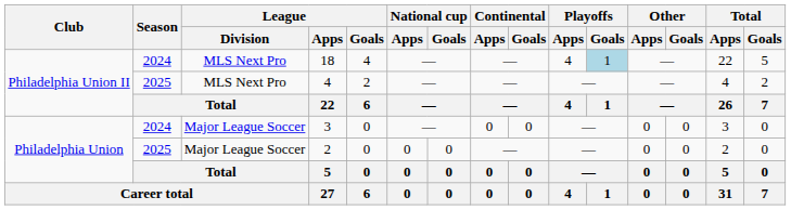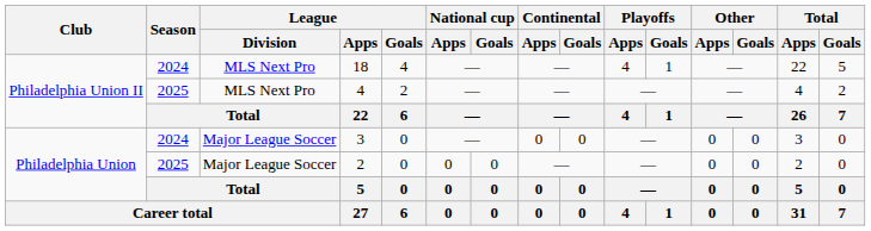 <table class="wikitable" style="text-align: center">
 <tr>
 <th rowspan="2">Club</th>
 <th rowspan="2">Season</th>
 <th colspan="3">League</th>
 <th colspan="2">National cup</th>
 <th colspan="2">Continental</th>
 <th colspan="2">Playoffs</th>
 <th colspan="2">Other</th>
 <th colspan="2">Total</th>
 </tr>
 <tr>
 <th>Division</th>
 <th>Apps</th>
 <th>Goals</th>
 <th>Apps</th>
 <th>Goals</th>
 <th>Apps</th>
 <th>Goals</th>
 <th>Apps</th>
 <th>Goals</th>
 <th>Apps</th>
 <th>Goals</th>
 <th>Apps</th>
 <th>Goals</th>
 </tr>
 <tr>
 <td rowspan="3"><a href='#'>Philadelphia Union II</a></td>
 <td><a href='#'>2024</a></td>
 <td><a href='#'>MLS Next Pro</a></td>
 <td>18</td>
 <td>4</td>
 <td colspan="2">—</td>
 <td colspan="2">—</td>
 <td>4</td>
-<td style="background: lightblue;">1</td>
+<td>1</td>
 <td colspan="2">—</td>
 <td>22</td>
 <td>5</td>
 </tr>
 <tr>
 <td><a href='#'>2025</a></td>
 <td>MLS Next Pro</td>
 <td>4</td>
 <td>2</td>
 <td colspan="2">—</td>
 <td colspan="2">—</td>
 <td colspan="2">—</td>
 <td colspan="2">—</td>
 <td>4</td>
 <td>2</td>
 </tr>
 <tr>
 <th colspan="2">Total</th>
 <th>22</th>
 <th>6</th>
 <th colspan="2">—</th>
 <th colspan="2">—</th>
 <th>4</th>
 <th>1</th>
 <th colspan="2">—</th>
 <th>26</th>
 <th>7</th>
 </tr>
 <tr>
 <td rowspan="3"><a href='#'>Philadelphia Union</a></td>
 <td><a href='#'>2024</a></td>
 <td><a href='#'>Major League Soccer</a></td>
 <td>3</td>
 <td>0</td>
 <td colspan="2">—</td>
 <td>0</td>
 <td>0</td>
 <td colspan="2">—</td>
 <td>0</td>
 <td>0</td>
 <td>3</td>
 <td>0</td>
 </tr>
 <tr>
 <td><a href='#'>2025</a></td>
 <td>Major League Soccer</td>
 <td>2</td>
 <td>0</td>
 <td>0</td>
 <td>0</td>
 <td colspan="2">—</td>
 <td colspan="2">—</td>
 <td>0</td>
 <td>0</td>
 <td>2</td>
 <td>0</td>
 </tr>
 <tr>
 <th colspan="2">Total</th>
 <th>5</th>
 <th>0</th>
 <th>0</th>
 <th>0</th>
 <th>0</th>
 <th>0</th>
 <th colspan="2">—</th>
 <th>0</th>
 <th>0</th>
 <th>5</th>
 <th>0</th>
 </tr>
 <tr>
 <th colspan="3">Career total</th>
 <th>27</th>
 <th>6</th>
 <th>0</th>
 <th>0</th>
 <th>0</th>
 <th>0</th>
 <th>4</th>
 <th>1</th>
 <th>0</th>
 <th>0</th>
 <th>31</th>
 <th>7</th>
 </tr>
 </table>
